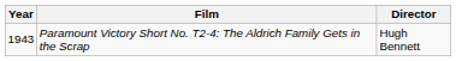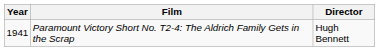 <table class="wikitable">
 <tr>
 <th>Year</th>
 <th>Film</th>
 <th>Director</th>
 </tr>
 <tr>
-<td>1943</td>
+<td>1941</td>
 <td><em>Paramount Victory Short No. T2-4: The Aldrich Family Gets in the Scrap</em></td>
 <td>Hugh Bennett</td>
 </tr>
 </table>
